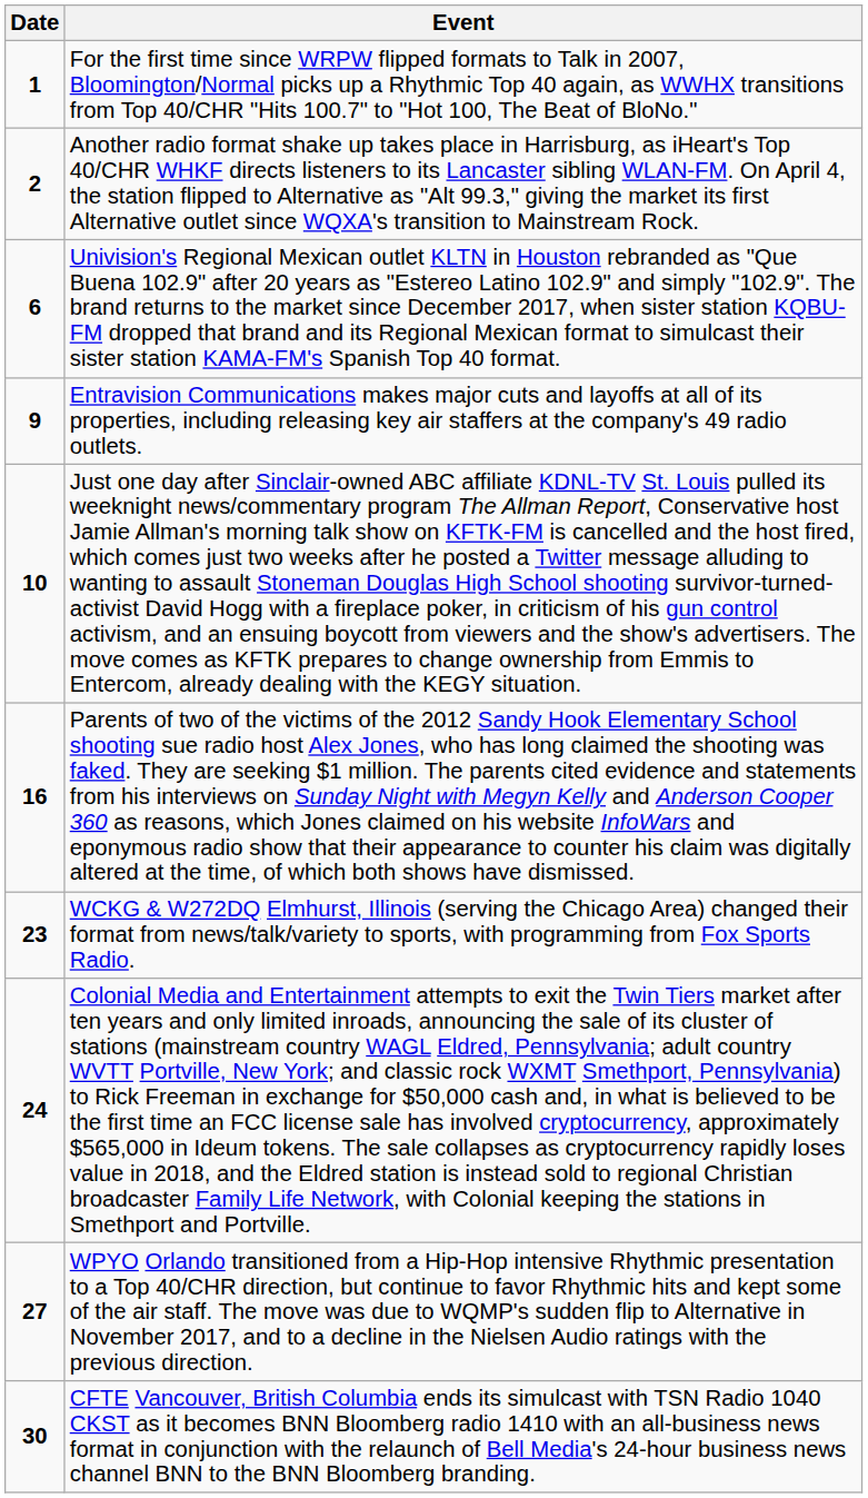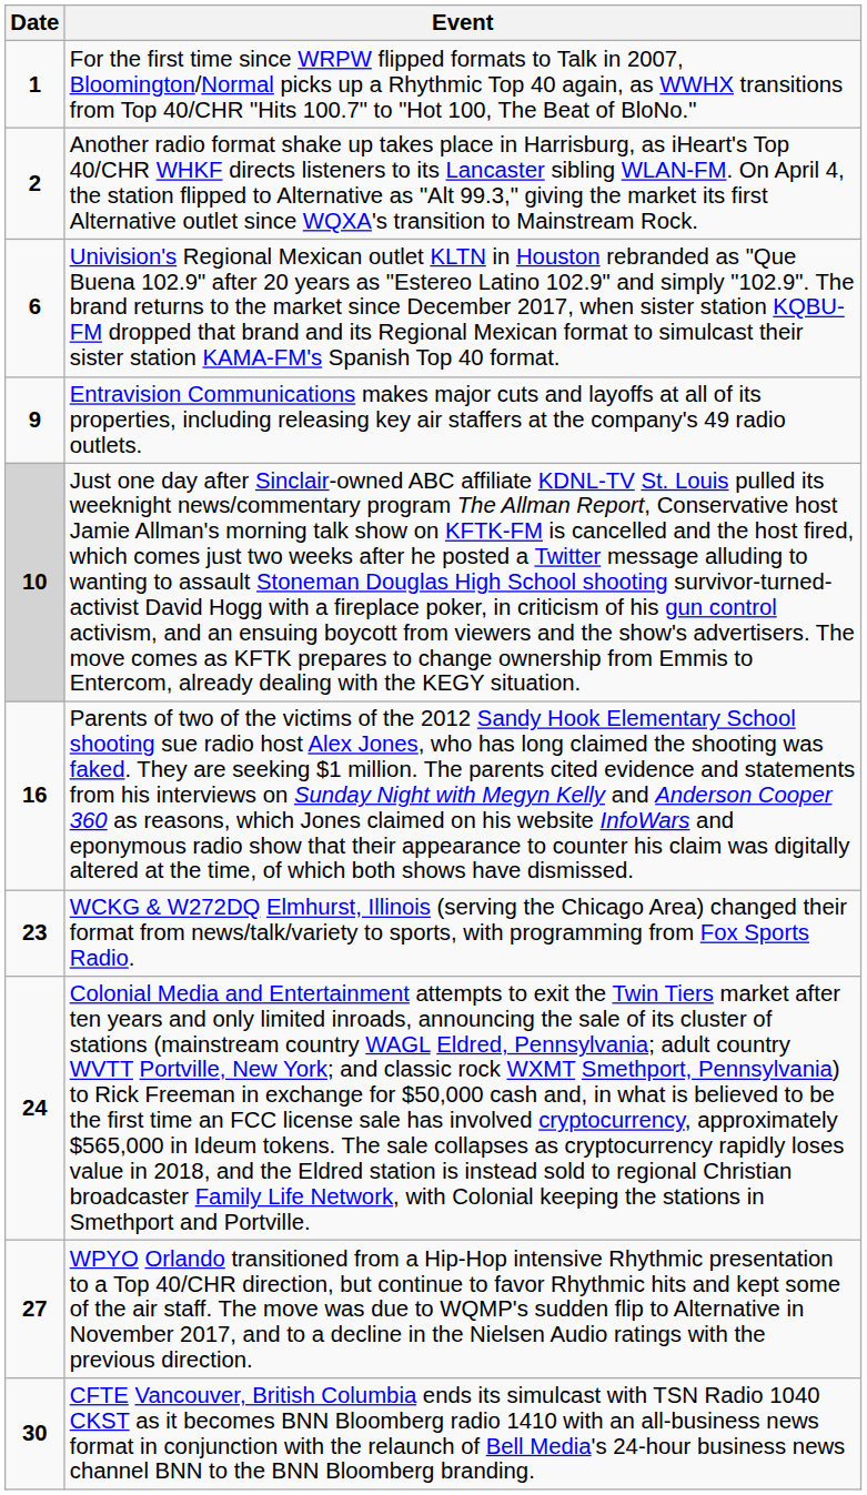 <table class="wikitable">
 <tr>
 <th>Date</th>
 <th>Event</th>
 </tr>
 <tr>
 <td style="text-align:center;"><strong>1</strong></td>
 <td>For the first time since <a href='#'>WRPW</a> flipped formats to Talk in 2007, <a href='#'>Bloomington</a>/<a href='#'>Normal</a> picks up a Rhythmic Top 40 again, as <a href='#'>WWHX</a> transitions from Top 40/CHR "Hits 100.7" to "Hot 100, The Beat of BloNo."</td>
 </tr>
 <tr>
 <td style="text-align:center;"><strong>2</strong></td>
 <td>Another radio format shake up takes place in Harrisburg, as iHeart's Top 40/CHR <a href='#'>WHKF</a> directs listeners to its <a href='#'>Lancaster</a> sibling <a href='#'>WLAN-FM</a>. On April 4, the station flipped to Alternative as "Alt 99.3," giving the market its first Alternative outlet since <a href='#'>WQXA</a>'s transition to Mainstream Rock.</td>
 </tr>
 <tr>
 <td style="text-align:center;"><strong>6</strong></td>
 <td><a href='#'>Univision's</a> Regional Mexican outlet <a href='#'>KLTN</a> in <a href='#'>Houston</a> rebranded as "Que Buena 102.9" after 20 years as "Estereo Latino 102.9" and simply "102.9". The brand returns to the market since December 2017, when sister station <a href='#'>KQBU-FM</a> dropped that brand and its Regional Mexican format to simulcast their sister station <a href='#'>KAMA-FM's</a> Spanish Top 40 format.</td>
 </tr>
 <tr>
 <td style="text-align:center;"><strong>9</strong></td>
 <td><a href='#'>Entravision Communications</a> makes major cuts and layoffs at all of its properties, including releasing key air staffers at the company's 49 radio outlets.</td>
 </tr>
 <tr>
-<td style="text-align:center;"><strong>10</strong></td>
+<td style="background: lightgrey; text-align:center;"><strong>10</strong></td>
 <td>Just one day after <a href='#'>Sinclair</a>-owned ABC affiliate <a href='#'>KDNL-TV</a> <a href='#'>St. Louis</a> pulled its weeknight news/commentary program <em>The Allman Report</em>, Conservative host Jamie Allman's morning talk show on <a href='#'>KFTK-FM</a> is cancelled and the host fired, which comes just two weeks after he posted a <a href='#'>Twitter</a> message alluding to wanting to assault <a href='#'>Stoneman Douglas High School shooting</a> survivor-turned-activist David Hogg with a fireplace poker, in criticism of his <a href='#'>gun control</a> activism, and an ensuing boycott from viewers and the show's advertisers. The move comes as KFTK prepares to change ownership from Emmis to Entercom, already dealing with the KEGY situation.</td>
 </tr>
 <tr>
 <td style="text-align:center;"><strong>16</strong></td>
 <td>Parents of two of the victims of the 2012 <a href='#'>Sandy Hook Elementary School shooting</a> sue radio host <a href='#'>Alex Jones</a>, who has long claimed the shooting was <a href='#'>faked</a>. They are seeking $1 million. The parents cited evidence and statements from his interviews on <em><a href='#'>Sunday Night with Megyn Kelly</a></em> and <em><a href='#'>Anderson Cooper 360</a></em> as reasons, which Jones claimed on his website <em><a href='#'>InfoWars</a></em> and eponymous radio show that their appearance to counter his claim was digitally altered at the time, of which both shows have dismissed.</td>
 </tr>
 <tr>
 <td style="text-align:center;"><strong>23</strong></td>
 <td><a href='#'>WCKG & W272DQ</a> <a href='#'>Elmhurst, Illinois</a> (serving the Chicago Area) changed their format from news/talk/variety to sports, with programming from <a href='#'>Fox Sports Radio</a>.</td>
 </tr>
 <tr>
 <td style="text-align:center;"><strong>24</strong></td>
 <td><a href='#'>Colonial Media and Entertainment</a> attempts to exit the <a href='#'>Twin Tiers</a> market after ten years and only limited inroads, announcing the sale of its cluster of stations (mainstream country <a href='#'>WAGL</a> <a href='#'>Eldred, Pennsylvania</a>; adult country <a href='#'>WVTT</a> <a href='#'>Portville, New York</a>; and classic rock <a href='#'>WXMT</a> <a href='#'>Smethport, Pennsylvania</a>) to Rick Freeman in exchange for $50,000 cash and, in what is believed to be the first time an FCC license sale has involved <a href='#'>cryptocurrency</a>, approximately $565,000 in Ideum tokens. The sale collapses as cryptocurrency rapidly loses value in 2018, and the Eldred station is instead sold to regional Christian broadcaster <a href='#'>Family Life Network</a>, with Colonial keeping the stations in Smethport and Portville.</td>
 </tr>
 <tr>
 <td style="text-align:center;"><strong>27</strong></td>
 <td><a href='#'>WPYO</a> <a href='#'>Orlando</a> transitioned from a Hip-Hop intensive Rhythmic presentation to a Top 40/CHR direction, but continue to favor Rhythmic hits and kept some of the air staff. The move was due to WQMP's sudden flip to Alternative in November 2017, and to a decline in the Nielsen Audio ratings with the previous direction.</td>
 </tr>
 <tr>
 <td style="text-align:center;"><strong>30</strong></td>
 <td><a href='#'>CFTE</a> <a href='#'>Vancouver, British Columbia</a> ends its simulcast with TSN Radio 1040 <a href='#'>CKST</a> as it becomes BNN Bloomberg radio 1410 with an all-business news format in conjunction with the relaunch of <a href='#'>Bell Media</a>'s 24-hour business news channel BNN to the BNN Bloomberg branding.</td>
 </tr>
 </table>
